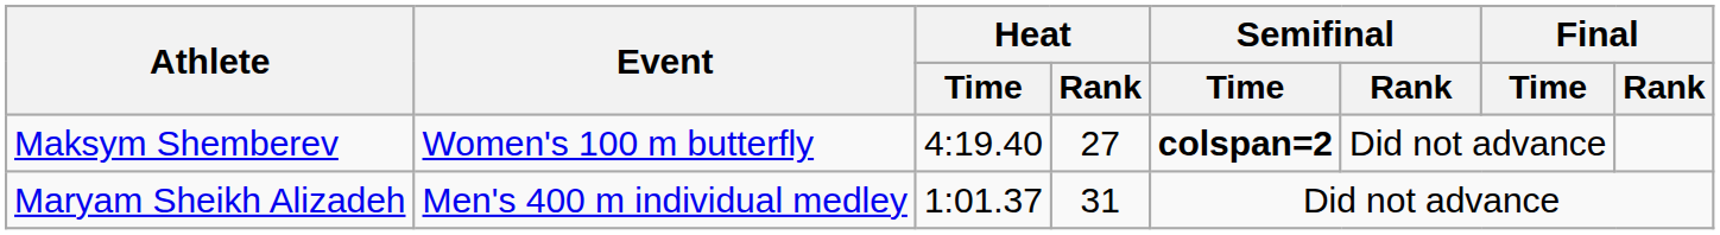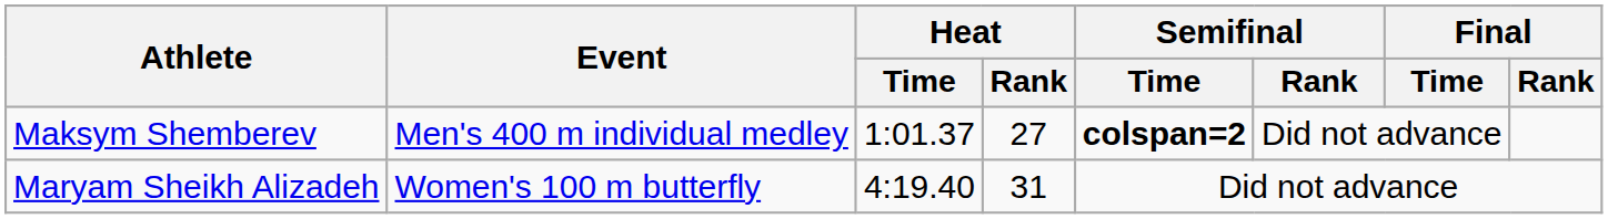 <table class=wikitable style="font-size:90%">
 <tr>
 <th rowspan="2">Athlete</th>
 <th rowspan="2">Event</th>
 <th colspan="2">Heat</th>
 <th colspan="2">Semifinal</th>
 <th colspan="2">Final</th>
 </tr>
 <tr style="font-size:95%">
 <th>Time</th>
 <th>Rank</th>
 <th>Time</th>
 <th>Rank</th>
 <th>Time</th>
 <th>Rank</th>
 </tr>
 <tr align=center>
 <td align=left><a href='#'>Maksym Shemberev</a></td>
-<td align=left><a href='#'>Women's 100 m butterfly</a></td>
-<td>4:19.40</td>
+<td align=left><a href='#'>Men's 400 m individual medley</a></td>
+<td>1:01.37</td>
 <td>27</td>
 <td><strong>colspan=2 </strong></td>
 <td colspan=2>Did not advance</td>
 </tr>
 <tr align=center>
 <td align=left><a href='#'>Maryam Sheikh Alizadeh</a></td>
-<td align=left><a href='#'>Men's 400 m individual medley</a></td>
-<td>1:01.37</td>
+<td align=left><a href='#'>Women's 100 m butterfly</a></td>
+<td>4:19.40</td>
 <td>31</td>
 <td colspan=4>Did not advance</td>
 </tr>
 </table>
